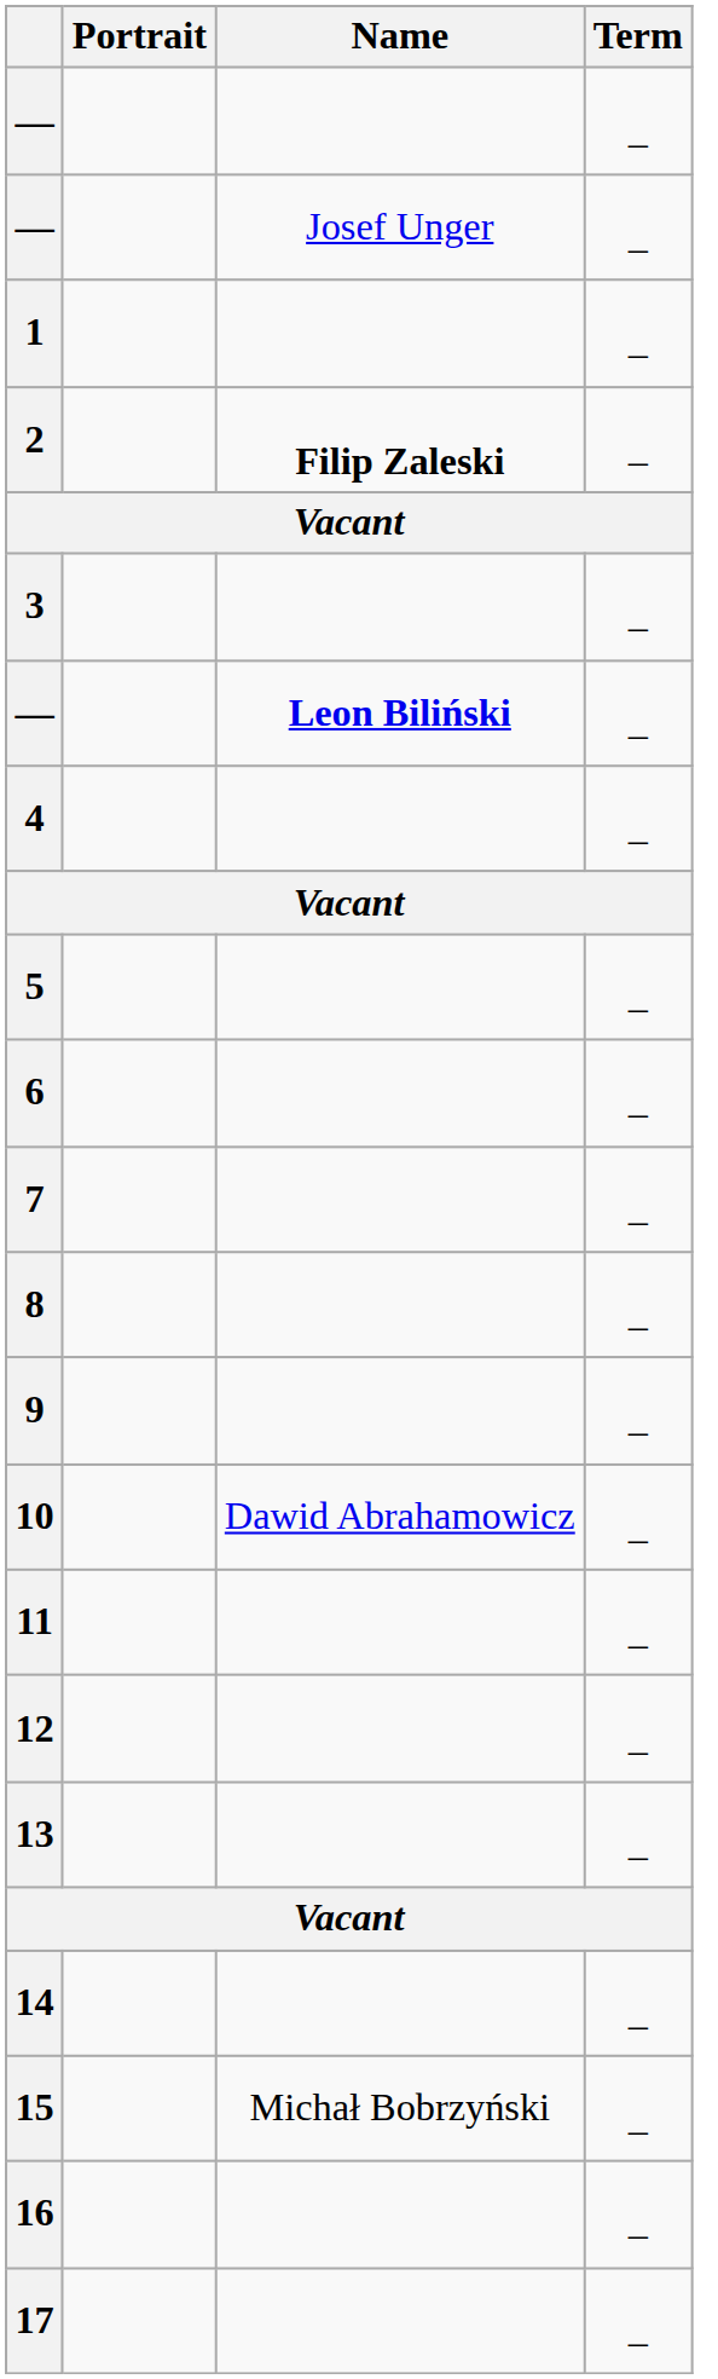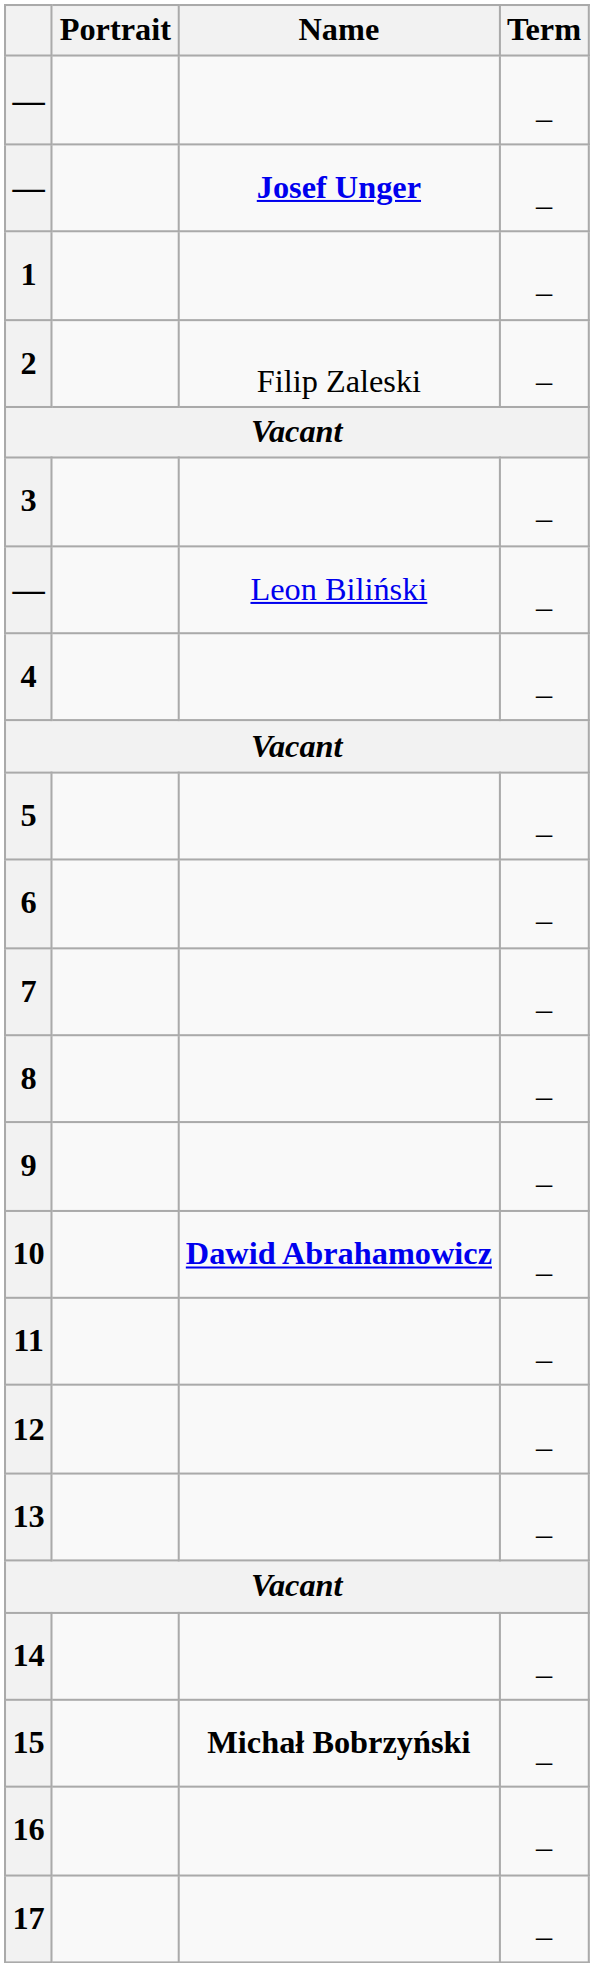 <table class="wikitable sortable sticky-header" style=text-align:center;>
 <tr>
 <th scope=col></th>
 <th scope=col class=unsortable>Portrait</th>
 <th scope=col>Name<br></th>
 <th scope=col class=unsortable>Term</th>
 </tr>
 <tr>
 <th scope=row>—</th>
 <td></td>
 <td data-sort-value="Grocholski, Kazimierz"><br><br></td>
 <td><br>–<br></td>
 </tr>
 <tr>
 <th scope=row>—</th>
 <td></td>
-<td data-sort-value="Unger, Josef"><a href='#'>Josef Unger</a><br></td>
+<td data-sort-value="Unger, Josef"><strong><a href='#'>Josef Unger</a><br></strong></td>
 <td><br>–<br></td>
 </tr>
 <tr>
 <th scope=row>1</th>
 <td></td>
 <td data-sort-value="Ziemiałkowski, Florian"><br><br></td>
 <td><br>–<br></td>
 </tr>
 <tr>
 <th scope=row>2</th>
 <td></td>
-<td data-sort-value="Zaleski, Filip"><strong><br>Filip Zaleski<br></strong></td>
+<td data-sort-value="Zaleski, Filip"><br>Filip Zaleski<br></td>
 <td><br>–<br></td>
 </tr>
 <tr>
 <th colspan="4" scope=row><em>Vacant</em></th>
 </tr>
 <tr>
 <th scope=row>3</th>
 <td></td>
 <td data-sort-value="Jaworski, Apolinary"><br></td>
 <td><br>–<br></td>
 </tr>
 <tr>
 <th scope=row>—</th>
 <td></td>
-<td data-sort-value="Biliński, Leon"><strong><a href='#'>Leon Biliński</a><br></strong></td>
+<td data-sort-value="Biliński, Leon"><a href='#'>Leon Biliński</a><br></td>
 <td><br>–<br></td>
 </tr>
 <tr>
 <th scope=row>4</th>
 <td></td>
 <td data-sort-value="Jaworski, Apolinary"><br></td>
 <td><br>–<br></td>
 </tr>
 <tr>
 <th colspan="4" scope=row><em>Vacant</em></th>
 </tr>
 <tr>
 <th scope=row>5</th>
 <td></td>
 <td data-sort-value="Loebl, Hermann"><br><br></td>
 <td><br>–<br></td>
 </tr>
 <tr>
 <th scope=row>6</th>
 <td></td>
 <td data-sort-value="Jędrzejowicz, Adam"><br></td>
 <td><br>–<br></td>
 </tr>
 <tr>
 <th scope=row>7</th>
 <td></td>
 <td data-sort-value="Chłędowski, Kazimierz"><br></td>
 <td><br>–<br></td>
 </tr>
 <tr>
 <th scope=row>8</th>
 <td></td>
 <td data-sort-value="Piętak, Leonard"><br></td>
 <td><br>–<br></td>
 </tr>
 <tr>
 <th scope=row>9</th>
 <td></td>
 <td data-sort-value="Dzieduszycki, Wojciech"><br><br></td>
 <td><br>–<br></td>
 </tr>
 <tr>
 <th scope=row>10</th>
 <td></td>
-<td data-sort-value="Abrahamowicz, Dawid"><a href='#'>Dawid Abrahamowicz</a><br></td>
+<td data-sort-value="Abrahamowicz, Dawid"><strong><a href='#'>Dawid Abrahamowicz</a><br></strong></td>
 <td><br>–<br></td>
 </tr>
 <tr>
 <th scope=row>11</th>
 <td></td>
 <td data-sort-value="Dulęba, Władysław"><br></td>
 <td><br>–<br></td>
 </tr>
 <tr>
 <th scope=row>12</th>
 <td></td>
 <td data-sort-value="Zaleski, Wacław"><br><br></td>
 <td><br>–<br></td>
 </tr>
 <tr>
 <th scope=row>13</th>
 <td></td>
 <td data-sort-value="Długosz, Władysław"><br></td>
 <td><br>–<br></td>
 </tr>
 <tr>
 <th colspan="4" scope=row><em>Vacant</em></th>
 </tr>
 <tr>
 <th scope=row>14</th>
 <td></td>
 <td data-sort-value="Dzierżykraj-Morawski, Zdzisław Karol"><br></td>
 <td><br>–<br></td>
 </tr>
 <tr>
 <th scope=row>15</th>
 <td></td>
-<td data-sort-value="Bobrzyński, Michał">Michał Bobrzyński<br></td>
+<td data-sort-value="Bobrzyński, Michał"><strong>Michał Bobrzyński<br></strong></td>
 <td><br>–<br></td>
 </tr>
 <tr>
 <th scope=row>16</th>
 <td></td>
 <td data-sort-value="Twardowski, Juliusz"><br></td>
 <td><br>–<br></td>
 </tr>
 <tr>
 <th scope=row>17</th>
 <td></td>
 <td data-sort-value="Gałecki, Kazimierz"><br></td>
 <td><br>–<br></td>
 </tr>
 </table>
